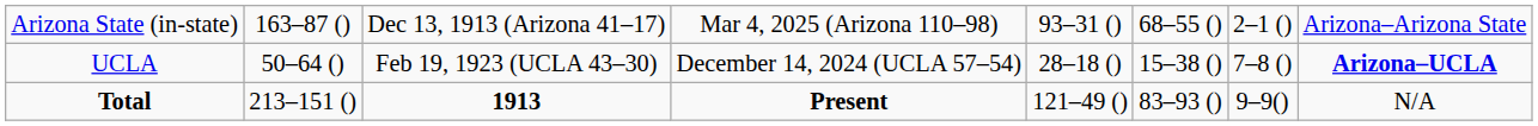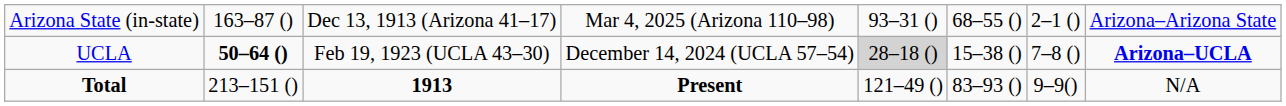 <table class="wikitable" style="text-align: center;">
 <tr>
 <td><a href='#'>Arizona State</a> (in-state)</td>
 <td>163–87 ()</td>
 <td>Dec 13, 1913 (Arizona 41–17)</td>
 <td>Mar 4, 2025 (Arizona 110–98)</td>
 <td>93–31 ()</td>
 <td>68–55 ()</td>
 <td>2–1 ()</td>
 <td><a href='#'>Arizona–Arizona State</a></td>
 </tr>
 <tr>
 <td><a href='#'>UCLA</a></td>
-<td>50–64 ()</td>
+<td><strong>50–64 ()</strong></td>
 <td>Feb 19, 1923 (UCLA 43–30)</td>
 <td>December 14, 2024 (UCLA 57–54)</td>
-<td>28–18 ()</td>
+<td style="background: lightgrey;">28–18 ()</td>
 <td>15–38 ()</td>
 <td>7–8 ()</td>
 <td><strong><a href='#'>Arizona–UCLA</a></strong></td>
 </tr>
 <tr>
 <td><strong>Total</strong></td>
 <td>213–151 ()</td>
 <td><strong>1913</strong></td>
 <td><strong>Present</strong></td>
 <td>121–49 ()</td>
 <td>83–93 ()</td>
 <td>9–9()</td>
 <td>N/A</td>
 </tr>
 </table>
